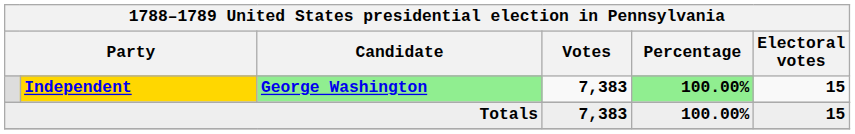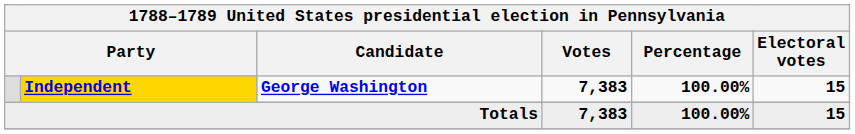 <table class="wikitable" style="font-size: 95%;">
 <tr>
 <th colspan="6">1788–1789 United States presidential election in Pennsylvania</th>
 </tr>
 <tr>
 <th colspan="2" style="width: 15em">Party</th>
 <th style="width: 17em">Candidate</th>
 <th style="width: 5em">Votes</th>
 <th style="width: 7em">Percentage</th>
 <th style="width: 5em">Electoral votes</th>
 </tr>
 <tr>
 <th style="background-color:#DDDDDD; width: 3px"></th>
 <td style="background: gold; width: 130px"><strong><a href='#'>Independent</a></strong></td>
-<td style="background: lightgreen;"><strong><a href='#'>George Washington</a></strong></td>
+<td><strong><a href='#'>George Washington</a></strong></td>
 <td align="right"><strong>7,383</strong></td>
-<td align="right" style="background: lightgreen;"><strong>100.00%</strong></td>
+<td align="right"><strong>100.00%</strong></td>
 <td align="right"><strong>15</strong></td>
 </tr>
 <tr>
 </tr>
 <tr bgcolor="#EEEEEE">
 <td colspan="3" align="right"><strong>Totals</strong></td>
 <td align="right"><strong>7,383</strong></td>
 <td align="right"><strong>100.00%</strong></td>
 <td align="right"><strong>15</strong></td>
 </tr>
 <tr>
 </tr>
 </table>
